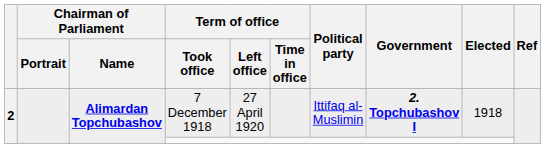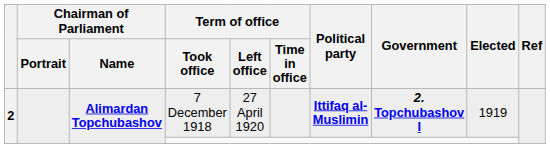 <table class="wikitable"  style="text-align:center">
 <tr>
 <th rowspan=2 style="width:25px;"></th>
 <th colspan=2 style="width:280px;">Chairman of Parliament<br></th>
 <th colspan=3>Term of office</th>
 <th style="width:100px;" rowspan="2">Political party</th>
 <th style="width:160px;" rowspan="2">Government</th>
 <th rowspan=2>Elected</th>
 <th rowspan=2 style="width:20px;">Ref</th>
 </tr>
 <tr>
 <th>Portrait</th>
 <th width=180px>Name</th>
 <th>Took office</th>
 <th>Left office</th>
 <th>Time in office</th>
 </tr>
 <tr bgcolor=#EEEEEE>
 <th rowspan=2 style="background:">2</th>
 <td rowspan=2></td>
 <td rowspan=2><strong><a href='#'>Alimardan Topchubashov</a></strong><br></td>
 <td>7 December 1918</td>
 <td>27 April 1920</td>
 <td><small></small></td>
-<td style="background:"><a href='#'><span>Ittifaq al-Muslimin <br></span></a></td>
+<td style="background:"><strong><a href='#'><span>Ittifaq al-Muslimin <br></span></a></strong></td>
 <td><strong><em>2.</em> <a href='#'>Topchubashov I</a></strong></td>
-<td>1918</td>
+<td>1919</td>
 <td rowspan=2></td>
 </tr>
 <tr>
 <td colspan=6 align=left></td>
 </tr>
 </table>
